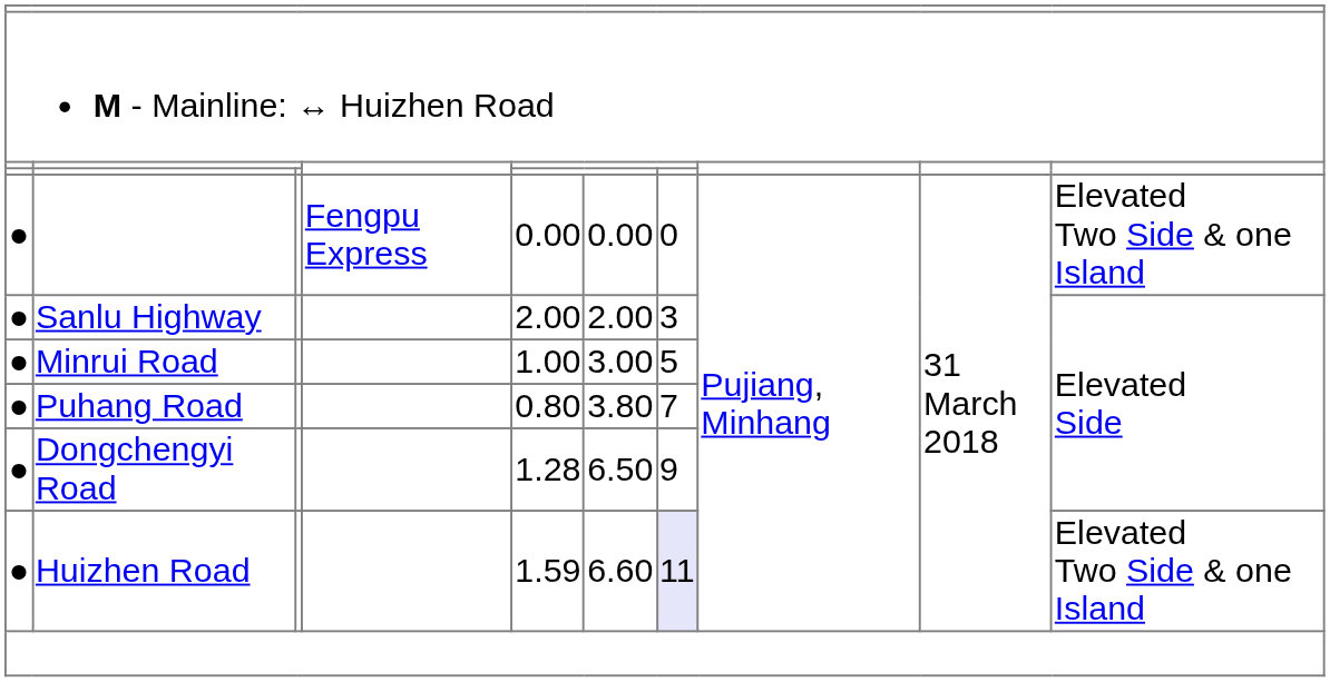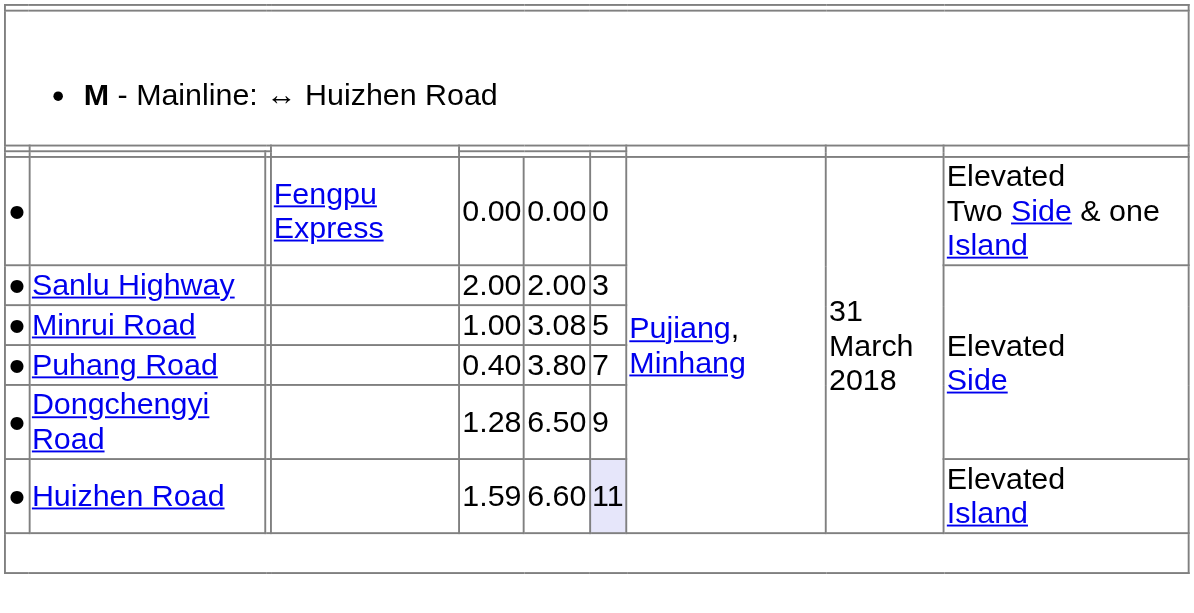 <table border=1 style="border-collapse: collapse;" class="mw-collapsible">
 <tr>
 <th colspan="11" style="text-align: center"></th>
 </tr>
 <tr>
 <td colspan="11" style="text-align: left"><br><ul><li><strong>M</strong> - Mainline:  ↔ Huizhen Road</li></ul></td>
 </tr>
 <tr>
 <th rowspan="1" colspan="1"></th>
 <th colspan="2"></th>
 <th rowspan="2"></th>
 <th colspan="3" rowspan="1"></th>
 <th rowspan="2"></th>
 <th rowspan="2"></th>
 <th rowspan="2"></th>
 </tr>
 <tr>
 <th rowspan="1"></th>
 <th></th>
 <th></th>
 <th colspan="2"></th>
 <th></th>
 </tr>
 <tr>
 <td align="center">●</td>
 <td></td>
 <td></td>
 <td> <a href='#'>Fengpu Express</a></td>
 <td>0.00</td>
 <td>0.00</td>
 <td>0</td>
 <td rowspan="6"><a href='#'>Pujiang</a>, <a href='#'>Minhang</a></td>
 <td rowspan="6">31 March<br> 2018</td>
 <td>Elevated <br>Two <a href='#'>Side</a> & one <a href='#'>Island</a></td>
 </tr>
 <tr>
 <td align="center">●</td>
 <td><a href='#'>Sanlu Highway</a></td>
 <td></td>
 <td></td>
 <td>2.00</td>
 <td>2.00</td>
 <td>3</td>
 <td rowspan="4">Elevated <br><a href='#'>Side</a></td>
 </tr>
 <tr>
 <td align="center">●</td>
 <td><a href='#'>Minrui Road</a></td>
 <td></td>
 <td></td>
 <td>1.00</td>
-<td>3.00</td>
+<td>3.08</td>
 <td>5</td>
 </tr>
 <tr>
 <td align="center">●</td>
 <td><a href='#'>Puhang Road</a></td>
 <td></td>
 <td></td>
-<td>0.80</td>
+<td>0.40</td>
 <td>3.80</td>
 <td>7</td>
 </tr>
 <tr>
 <td align="center">●</td>
 <td><a href='#'>Dongchengyi Road</a></td>
 <td></td>
 <td></td>
 <td>1.28</td>
 <td>6.50</td>
 <td>9</td>
 </tr>
 <tr>
 <td align="center">●</td>
 <td><a href='#'>Huizhen Road</a></td>
 <td></td>
 <td></td>
 <td>1.59</td>
 <td>6.60</td>
 <td style="background: lavender;">11</td>
-<td>Elevated <br>Two <a href='#'>Side</a> & one <a href='#'>Island</a></td>
+<td>Elevated <br><a href='#'>Island</a></td>
 </tr>
 <tr style="background:#">
 <td colspan = "12"><br></td>
 </tr>
 </table>
